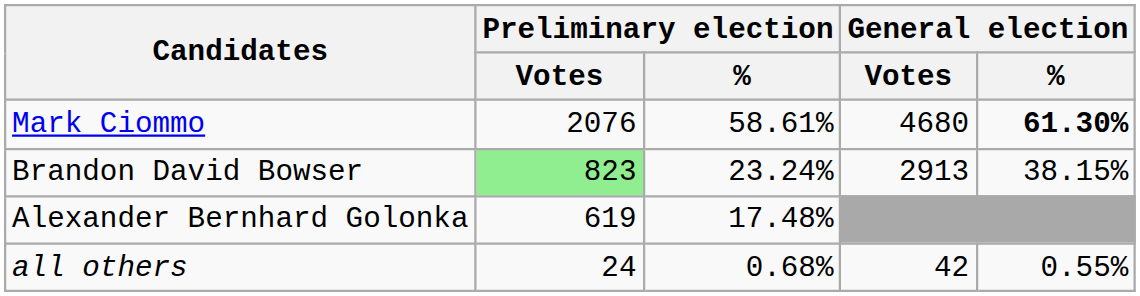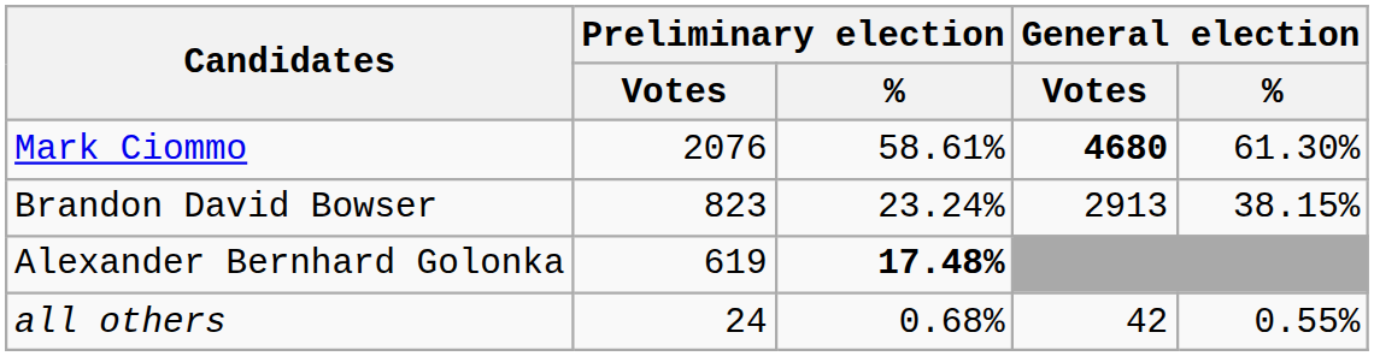 <table class=wikitable>
 <tr>
 <th colspan=1 rowspan=2><strong>Candidates</strong></th>
 <th colspan=2><strong>Preliminary election</strong></th>
 <th colspan=2><strong>General election</strong></th>
 </tr>
 <tr>
 <th>Votes</th>
 <th>%</th>
 <th>Votes</th>
 <th>%</th>
 </tr>
 <tr>
 <td><a href='#'>Mark Ciommo</a></td>
 <td align="right">2076</td>
 <td align="right">58.61%</td>
-<td align="right">4680</td>
-<td align="right"><strong>61.30%</strong></td>
+<td align="right"><strong>4680</strong></td>
+<td align="right">61.30%</td>
 </tr>
 <tr>
 <td>Brandon David Bowser</td>
-<td align="right" style="background: lightgreen;">823</td>
+<td align="right">823</td>
 <td align="right">23.24%</td>
 <td align="right">2913</td>
 <td align="right">38.15%</td>
 </tr>
 <tr>
 <td>Alexander Bernhard Golonka</td>
 <td align="right">619</td>
-<td align="right">17.48%</td>
+<td align="right"><strong>17.48%</strong></td>
 <td colspan=2 bgcolor=darkgray> </td>
 </tr>
 <tr>
 <td><em>all others</em></td>
 <td align="right">24</td>
 <td align="right">0.68%</td>
 <td align="right">42</td>
 <td align="right">0.55%</td>
 </tr>
 </table>
